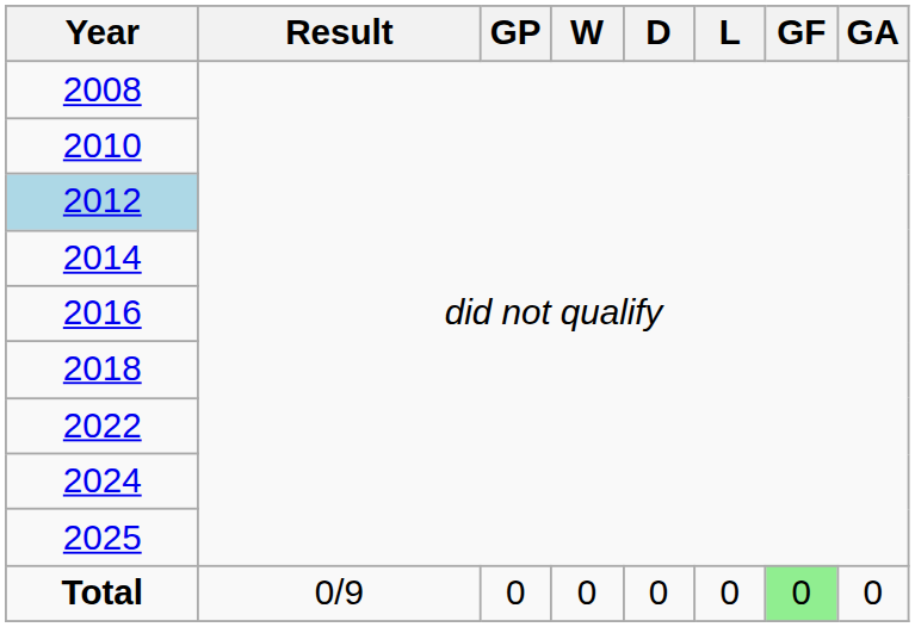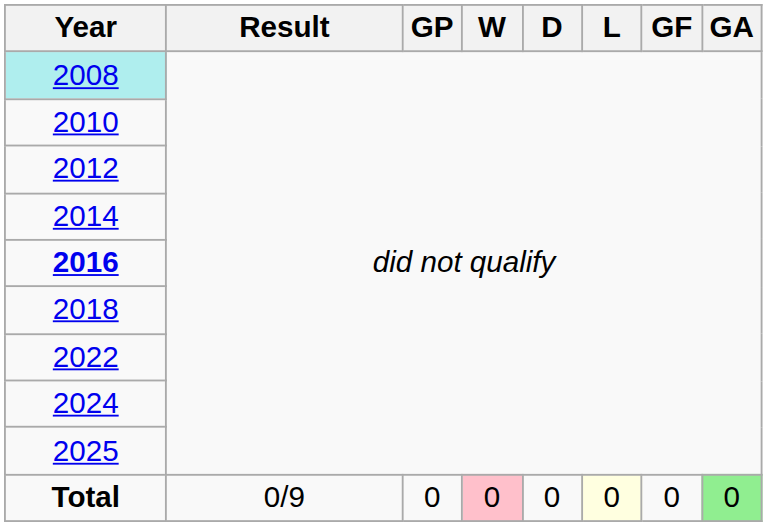 <table class= "wikitable" style= "text-align: center;">
 <tr>
 <th width=80>Year</th>
 <th width=120>Result</th>
 <th width=25>GP</th>
 <th width=25>W</th>
 <th width=25>D</th>
 <th width=25>L</th>
 <th width=25>GF</th>
 <th width=25>GA</th>
 </tr>
 <tr>
-<td> <a href='#'>2008</a></td>
+<td style="background: paleturquoise;"> <a href='#'>2008</a></td>
 <td rowspan=9 colspan=8><em>did not qualify</em></td>
 </tr>
 <tr>
 <td> <a href='#'>2010</a></td>
 </tr>
 <tr>
-<td style="background: lightblue;"> <a href='#'>2012</a></td>
+<td> <a href='#'>2012</a></td>
 </tr>
 <tr>
 <td> <a href='#'>2014</a></td>
 </tr>
 <tr>
-<td> <a href='#'>2016</a></td>
+<td><strong> <a href='#'>2016</a></strong></td>
 </tr>
 <tr>
 <td> <a href='#'>2018</a></td>
 </tr>
 <tr>
 <td> <a href='#'>2022</a></td>
 </tr>
 <tr>
 <td> <a href='#'>2024</a></td>
 </tr>
 <tr>
 <td> <a href='#'>2025</a></td>
 </tr>
 <tr>
 <td><strong>Total</strong></td>
 <td>0/9</td>
 <td>0</td>
+<td style="background: pink;">0</td>
 <td>0</td>
-<td>0</td>
+<td style="background: lightyellow;">0</td>
 <td>0</td>
 <td style="background: lightgreen;">0</td>
-<td>0</td>
 </tr>
 </table>
